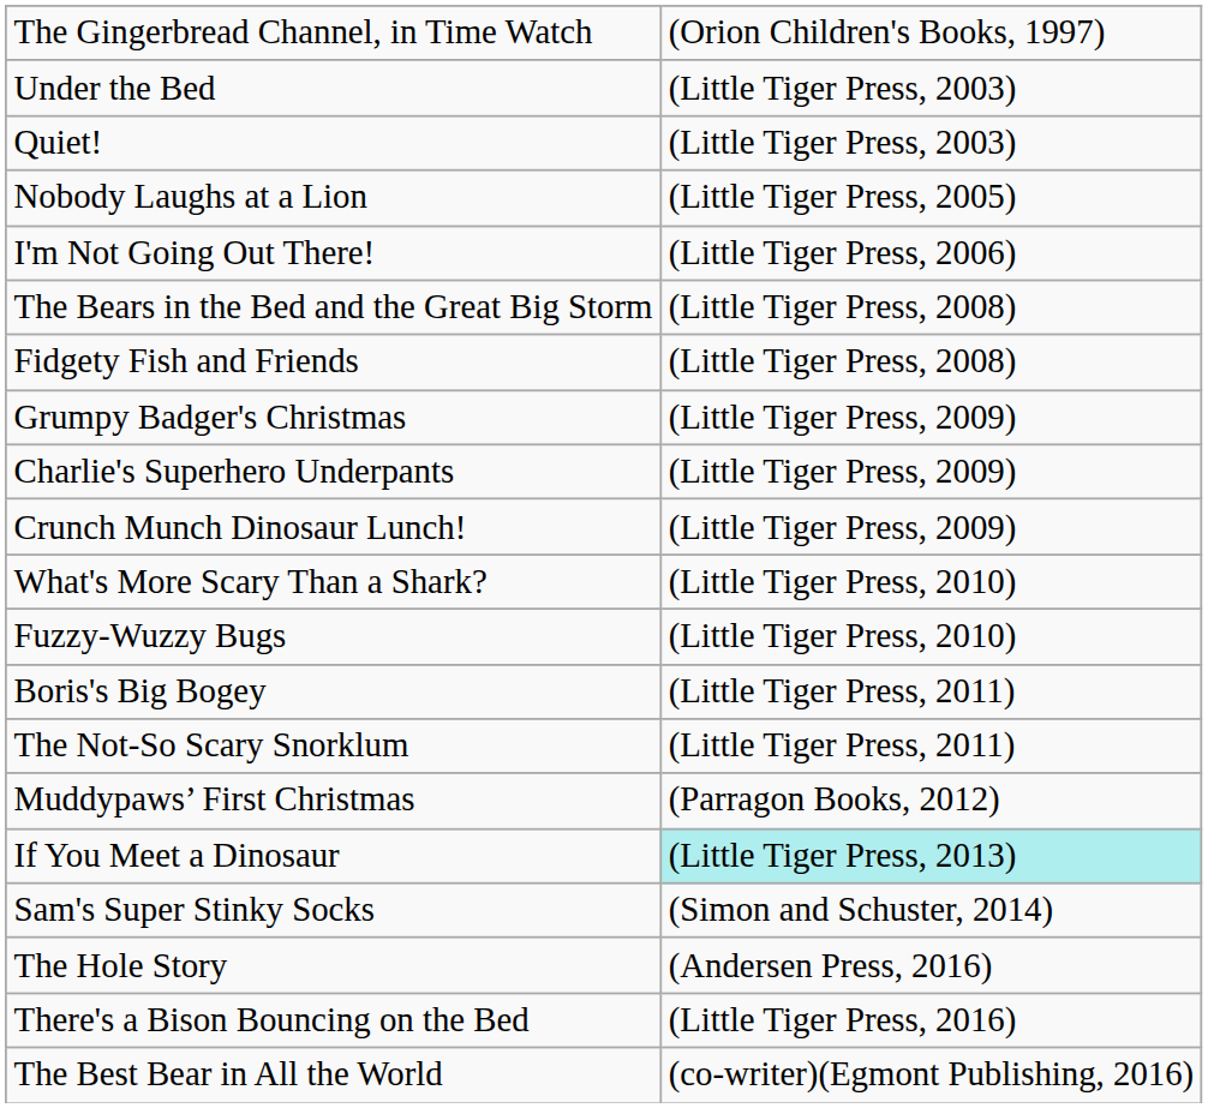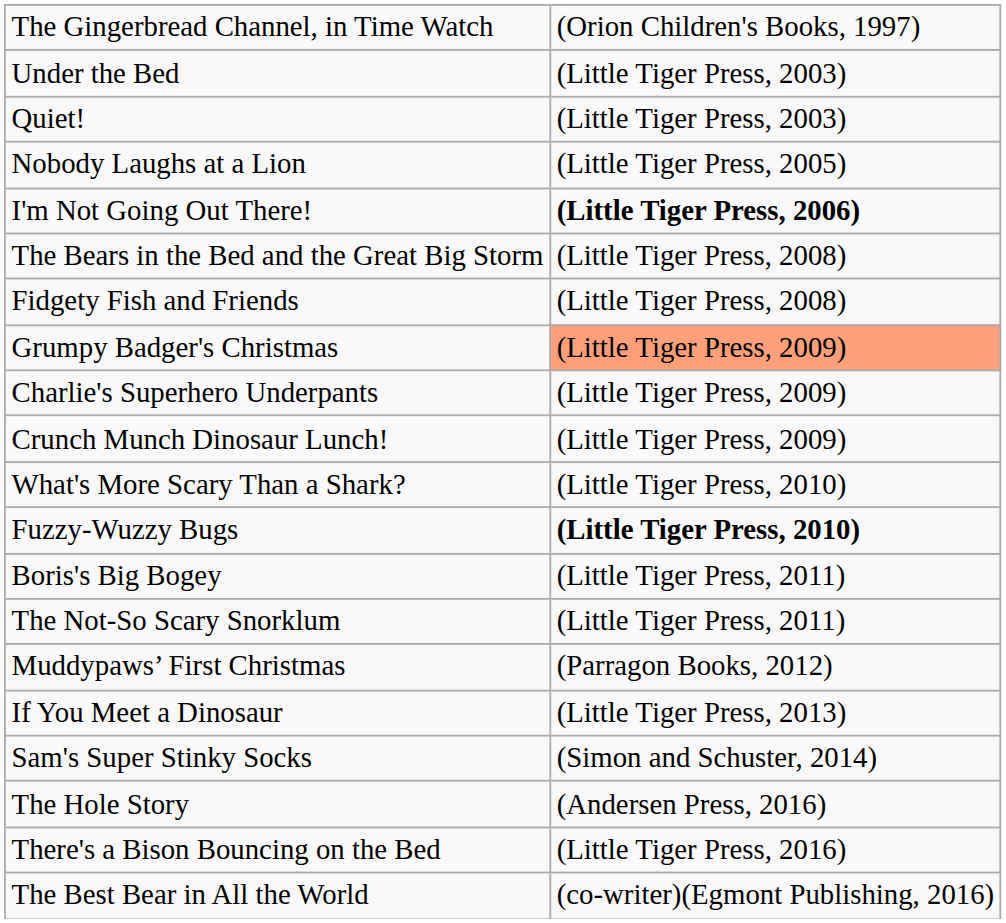 <table class="wikitable">
 <tr>
 <td>The Gingerbread Channel, in Time Watch</td>
 <td>(Orion Children's Books, 1997)</td>
 </tr>
 <tr>
 <td>Under the Bed</td>
 <td>(Little Tiger Press, 2003)</td>
 </tr>
 <tr>
 <td>Quiet!</td>
 <td>(Little Tiger Press, 2003)</td>
 </tr>
 <tr>
 <td>Nobody Laughs at a Lion</td>
 <td>(Little Tiger Press, 2005)</td>
 </tr>
 <tr>
 <td>I'm Not Going Out There!</td>
-<td>(Little Tiger Press, 2006)</td>
+<td><strong>(Little Tiger Press, 2006)</strong></td>
 </tr>
 <tr>
 <td>The Bears in the Bed and the Great Big Storm</td>
 <td>(Little Tiger Press, 2008)</td>
 </tr>
 <tr>
 <td>Fidgety Fish and Friends</td>
 <td>(Little Tiger Press, 2008)</td>
 </tr>
 <tr>
 <td>Grumpy Badger's Christmas</td>
-<td>(Little Tiger Press, 2009)</td>
+<td style="background: lightsalmon;">(Little Tiger Press, 2009)</td>
 </tr>
 <tr>
 <td>Charlie's Superhero Underpants</td>
 <td>(Little Tiger Press, 2009)</td>
 </tr>
 <tr>
 <td>Crunch Munch Dinosaur Lunch!</td>
 <td>(Little Tiger Press, 2009)</td>
 </tr>
 <tr>
 <td>What's More Scary Than a Shark?</td>
 <td>(Little Tiger Press, 2010)</td>
 </tr>
 <tr>
 <td>Fuzzy-Wuzzy Bugs</td>
-<td>(Little Tiger Press, 2010)</td>
+<td><strong>(Little Tiger Press, 2010)</strong></td>
 </tr>
 <tr>
 <td>Boris's Big Bogey</td>
 <td>(Little Tiger Press, 2011)</td>
 </tr>
 <tr>
 <td>The Not-So Scary Snorklum</td>
 <td>(Little Tiger Press, 2011)</td>
 </tr>
 <tr>
 <td>Muddypaws’ First Christmas</td>
 <td>(Parragon Books, 2012)</td>
 </tr>
 <tr>
 <td>If You Meet a Dinosaur</td>
-<td style="background: paleturquoise;">(Little Tiger Press, 2013)</td>
+<td>(Little Tiger Press, 2013)</td>
 </tr>
 <tr>
 <td>Sam's Super Stinky Socks</td>
 <td>(Simon and Schuster, 2014)</td>
 </tr>
 <tr>
 <td>The Hole Story</td>
 <td>(Andersen Press, 2016)</td>
 </tr>
 <tr>
 <td>There's a Bison Bouncing on the Bed</td>
 <td>(Little Tiger Press, 2016)</td>
 </tr>
 <tr>
 <td>The Best Bear in All the World</td>
 <td>(co-writer)(Egmont Publishing, 2016)</td>
 </tr>
 </table>
